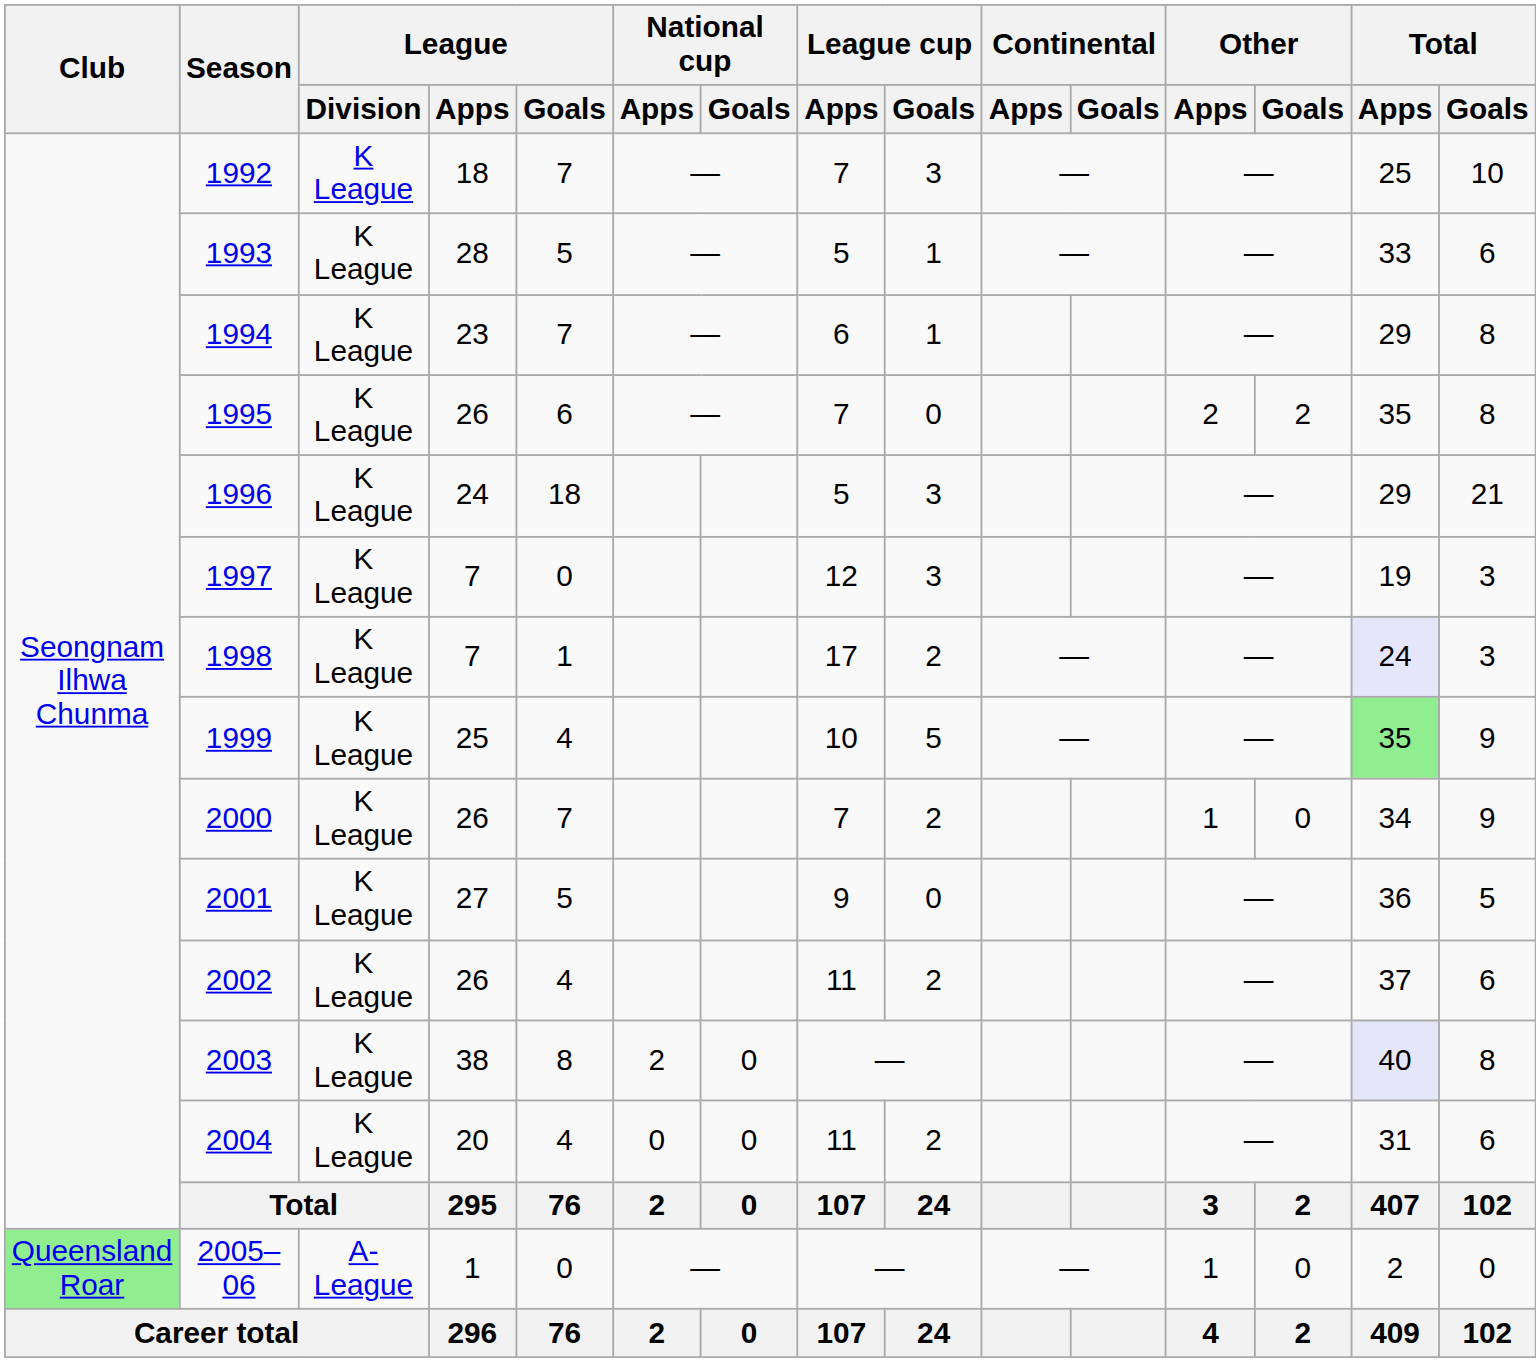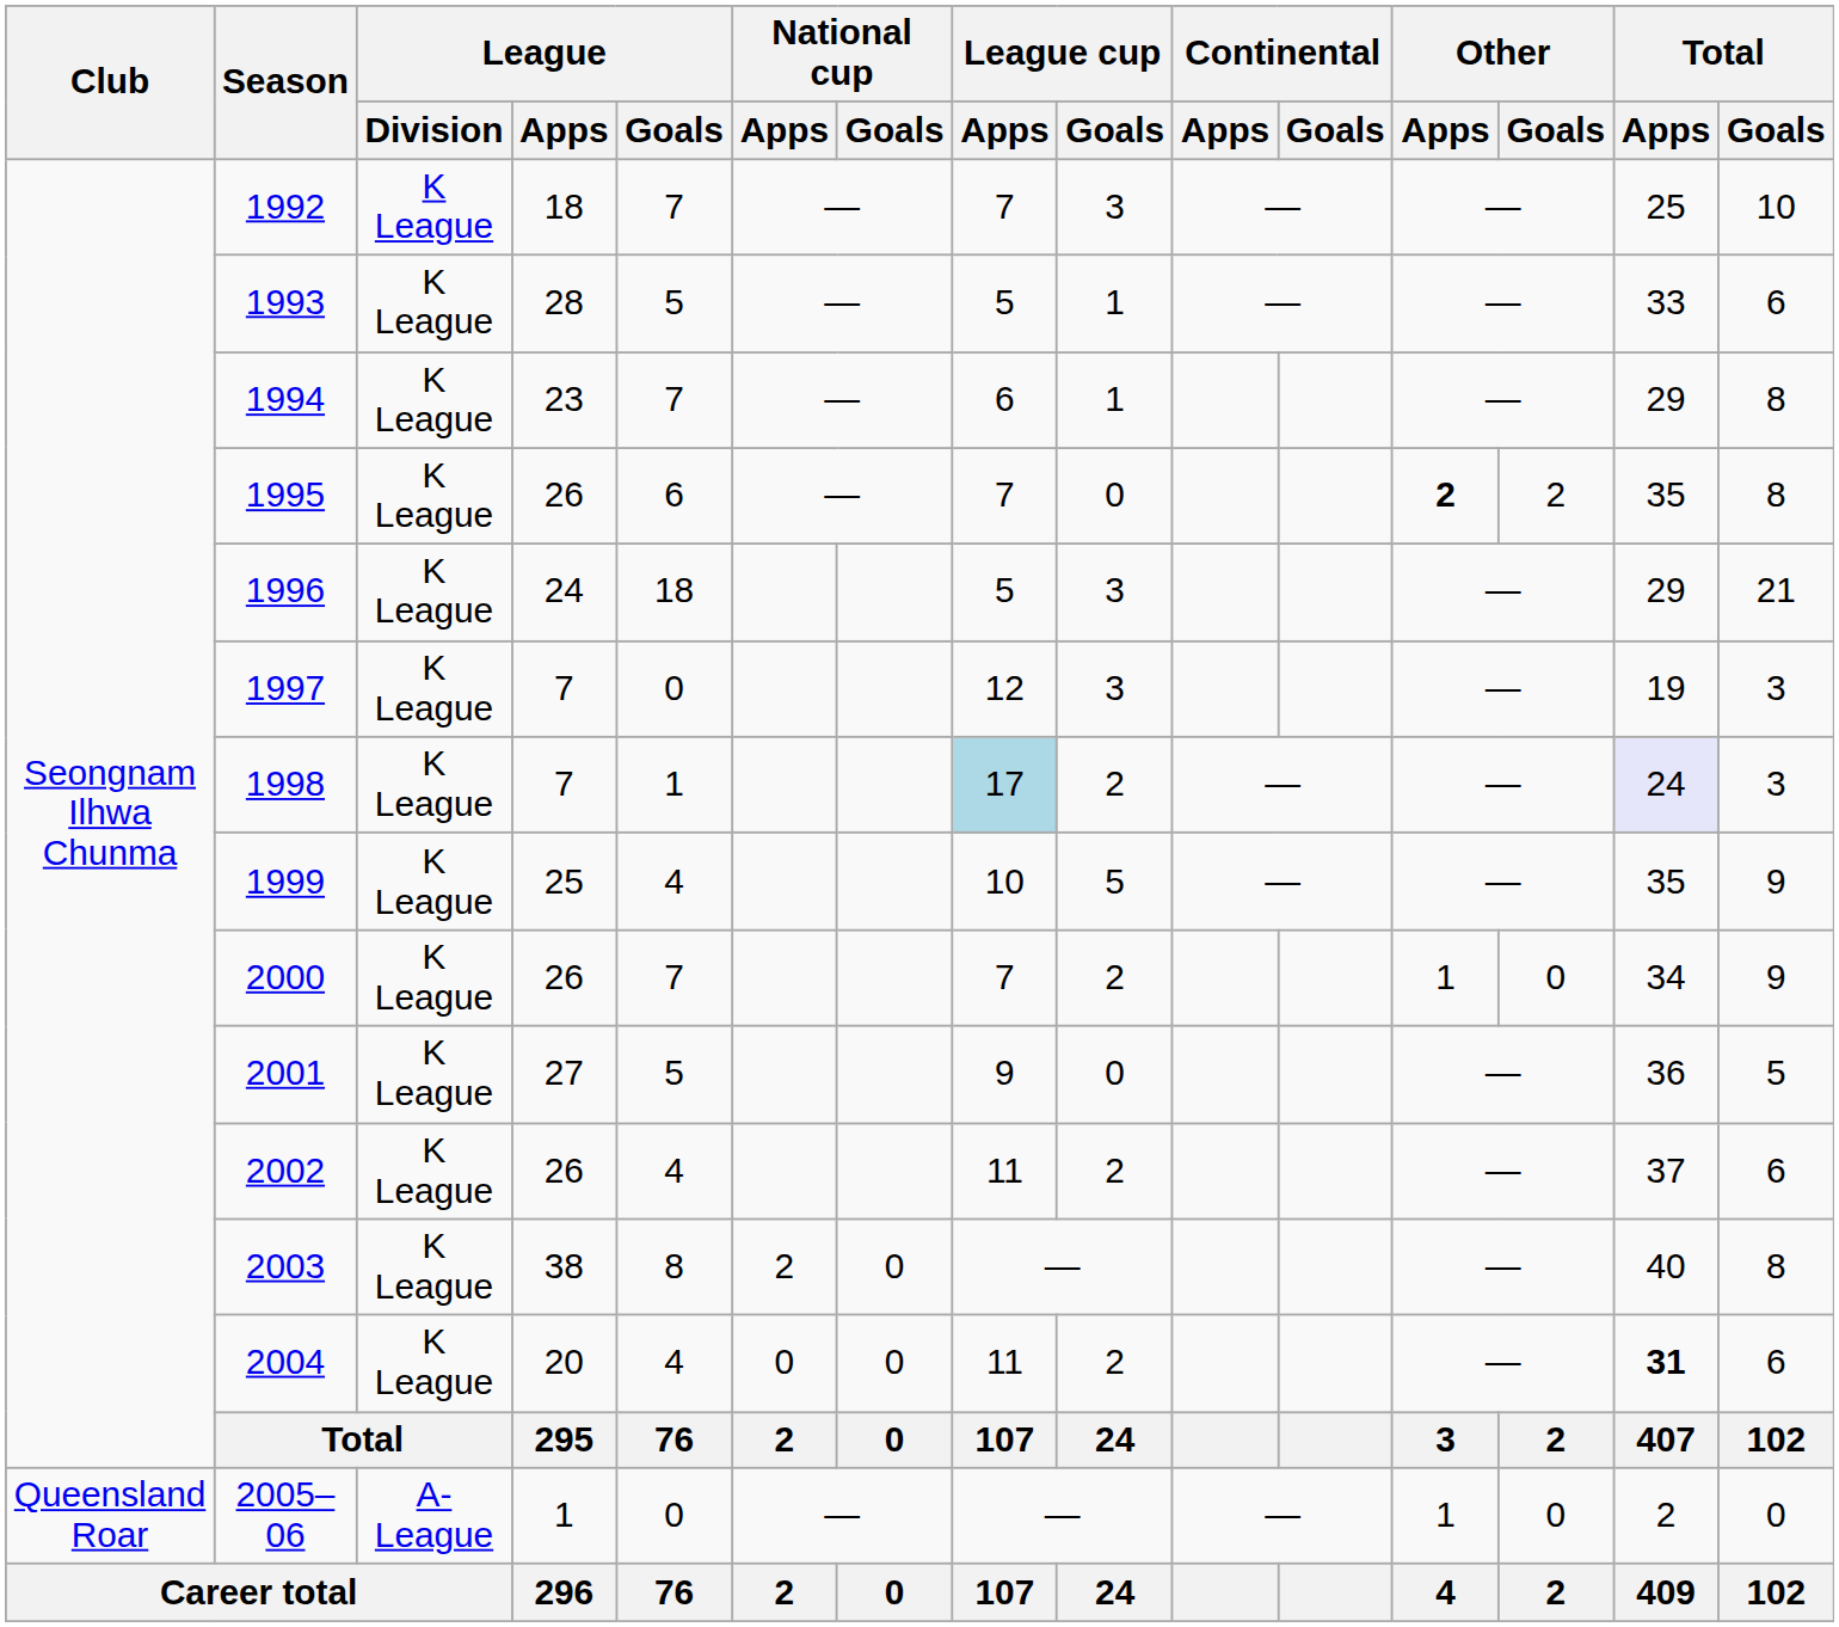 <table class="wikitable" style="text-align:center">
 <tr>
 <th rowspan="2">Club</th>
 <th rowspan="2">Season</th>
 <th colspan="3">League</th>
 <th colspan="2">National cup<br></th>
 <th colspan="2">League cup</th>
 <th colspan="2">Continental</th>
 <th colspan="2">Other</th>
 <th colspan="2">Total</th>
 </tr>
 <tr>
 <th>Division</th>
 <th>Apps</th>
 <th>Goals</th>
 <th>Apps</th>
 <th>Goals</th>
 <th>Apps</th>
 <th>Goals</th>
 <th>Apps</th>
 <th>Goals</th>
 <th>Apps</th>
 <th>Goals</th>
 <th>Apps</th>
 <th>Goals</th>
 </tr>
 <tr>
 <td rowspan="14"><a href='#'>Seongnam Ilhwa Chunma</a></td>
 <td><a href='#'>1992</a></td>
 <td><a href='#'>K League</a></td>
 <td>18</td>
 <td>7</td>
 <td colspan="2">—</td>
 <td>7</td>
 <td>3</td>
 <td colspan="2">—</td>
 <td colspan="2">—</td>
 <td>25</td>
 <td>10</td>
 </tr>
 <tr>
 <td><a href='#'>1993</a></td>
 <td>K League</td>
 <td>28</td>
 <td>5</td>
 <td colspan="2">—</td>
 <td>5</td>
 <td>1</td>
 <td colspan="2">—</td>
 <td colspan="2">—</td>
 <td>33</td>
 <td>6</td>
 </tr>
 <tr>
 <td><a href='#'>1994</a></td>
 <td>K League</td>
 <td>23</td>
 <td>7</td>
 <td colspan="2">—</td>
 <td>6</td>
 <td>1</td>
 <td></td>
 <td></td>
 <td colspan="2">—</td>
 <td>29</td>
 <td>8</td>
 </tr>
 <tr>
 <td><a href='#'>1995</a></td>
 <td>K League</td>
 <td>26</td>
 <td>6</td>
 <td colspan="2">—</td>
 <td>7</td>
 <td>0</td>
 <td></td>
 <td></td>
-<td>2</td>
+<td><strong>2</strong></td>
 <td>2</td>
 <td>35</td>
 <td>8</td>
 </tr>
 <tr>
 <td><a href='#'>1996</a></td>
 <td>K League</td>
 <td>24</td>
 <td>18</td>
 <td></td>
 <td></td>
 <td>5</td>
 <td>3</td>
 <td></td>
 <td></td>
 <td colspan="2">—</td>
 <td>29</td>
 <td>21</td>
 </tr>
 <tr>
 <td><a href='#'>1997</a></td>
 <td>K League</td>
 <td>7</td>
 <td>0</td>
 <td></td>
 <td></td>
 <td>12</td>
 <td>3</td>
 <td></td>
 <td></td>
 <td colspan="2">—</td>
 <td>19</td>
 <td>3</td>
 </tr>
 <tr>
 <td><a href='#'>1998</a></td>
 <td>K League</td>
 <td>7</td>
 <td>1</td>
 <td></td>
 <td></td>
-<td>17</td>
+<td style="background: lightblue;">17</td>
 <td>2</td>
 <td colspan="2">—</td>
 <td colspan="2">—</td>
 <td style="background: lavender;">24</td>
 <td>3</td>
 </tr>
 <tr>
 <td><a href='#'>1999</a></td>
 <td>K League</td>
 <td>25</td>
 <td>4</td>
 <td></td>
 <td></td>
 <td>10</td>
 <td>5</td>
 <td colspan="2">—</td>
 <td colspan="2">—</td>
-<td style="background: lightgreen;">35</td>
+<td>35</td>
 <td>9</td>
 </tr>
 <tr>
 <td><a href='#'>2000</a></td>
 <td>K League</td>
 <td>26</td>
 <td>7</td>
 <td></td>
 <td></td>
 <td>7</td>
 <td>2</td>
 <td></td>
 <td></td>
 <td>1</td>
 <td>0</td>
 <td>34</td>
 <td>9</td>
 </tr>
 <tr>
 <td><a href='#'>2001</a></td>
 <td>K League</td>
 <td>27</td>
 <td>5</td>
 <td></td>
 <td></td>
 <td>9</td>
 <td>0</td>
 <td></td>
 <td></td>
 <td colspan="2">—</td>
 <td>36</td>
 <td>5</td>
 </tr>
 <tr>
 <td><a href='#'>2002</a></td>
 <td>K League</td>
 <td>26</td>
 <td>4</td>
 <td></td>
 <td></td>
 <td>11</td>
 <td>2</td>
 <td></td>
 <td></td>
 <td colspan="2">—</td>
 <td>37</td>
 <td>6</td>
 </tr>
 <tr>
 <td><a href='#'>2003</a></td>
 <td>K League</td>
 <td>38</td>
 <td>8</td>
 <td>2</td>
 <td>0</td>
 <td colspan="2">—</td>
 <td></td>
 <td></td>
 <td colspan="2">—</td>
-<td style="background: lavender;">40</td>
+<td>40</td>
 <td>8</td>
 </tr>
 <tr>
 <td><a href='#'>2004</a></td>
 <td>K League</td>
 <td>20</td>
 <td>4</td>
 <td>0</td>
 <td>0</td>
 <td>11</td>
 <td>2</td>
 <td></td>
 <td></td>
 <td colspan="2">—</td>
-<td>31</td>
+<td><strong>31</strong></td>
 <td>6</td>
 </tr>
 <tr>
 <th colspan="2">Total</th>
 <th>295</th>
 <th>76</th>
 <th>2</th>
 <th>0</th>
 <th>107</th>
 <th>24</th>
 <th></th>
 <th></th>
 <th>3</th>
 <th>2</th>
 <th>407</th>
 <th>102</th>
 </tr>
 <tr>
-<td style="background: lightgreen;"><a href='#'>Queensland Roar</a></td>
+<td><a href='#'>Queensland Roar</a></td>
 <td><a href='#'>2005–06</a></td>
 <td><a href='#'>A-League</a></td>
 <td>1</td>
 <td>0</td>
 <td colspan="2">—</td>
 <td colspan="2">—</td>
 <td colspan="2">—</td>
 <td>1</td>
 <td>0</td>
 <td>2</td>
 <td>0</td>
 </tr>
 <tr>
 <th colspan=3>Career total</th>
 <th>296</th>
 <th>76</th>
 <th>2</th>
 <th>0</th>
 <th>107</th>
 <th>24</th>
 <th></th>
 <th></th>
 <th>4</th>
 <th>2</th>
 <th>409</th>
 <th>102</th>
 </tr>
 </table>
